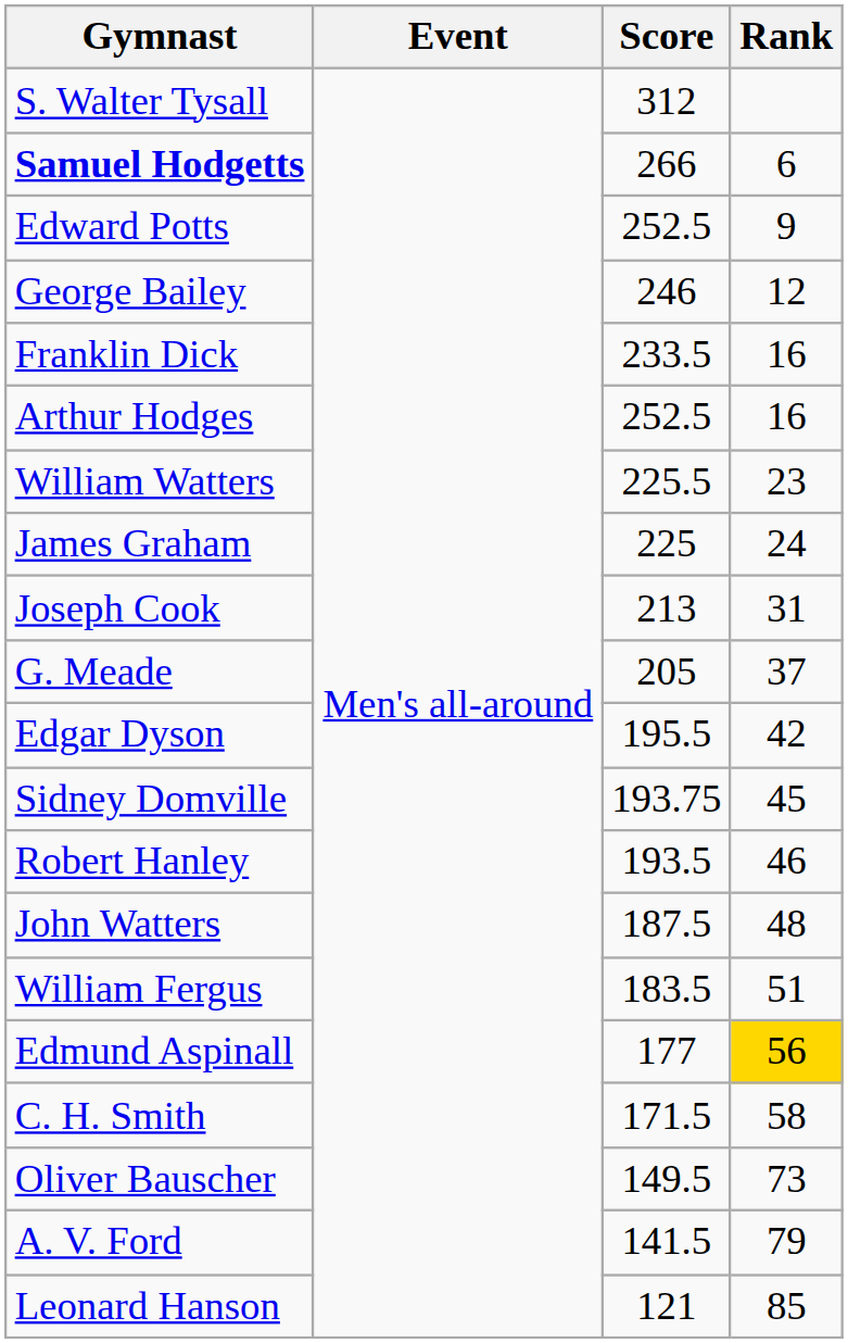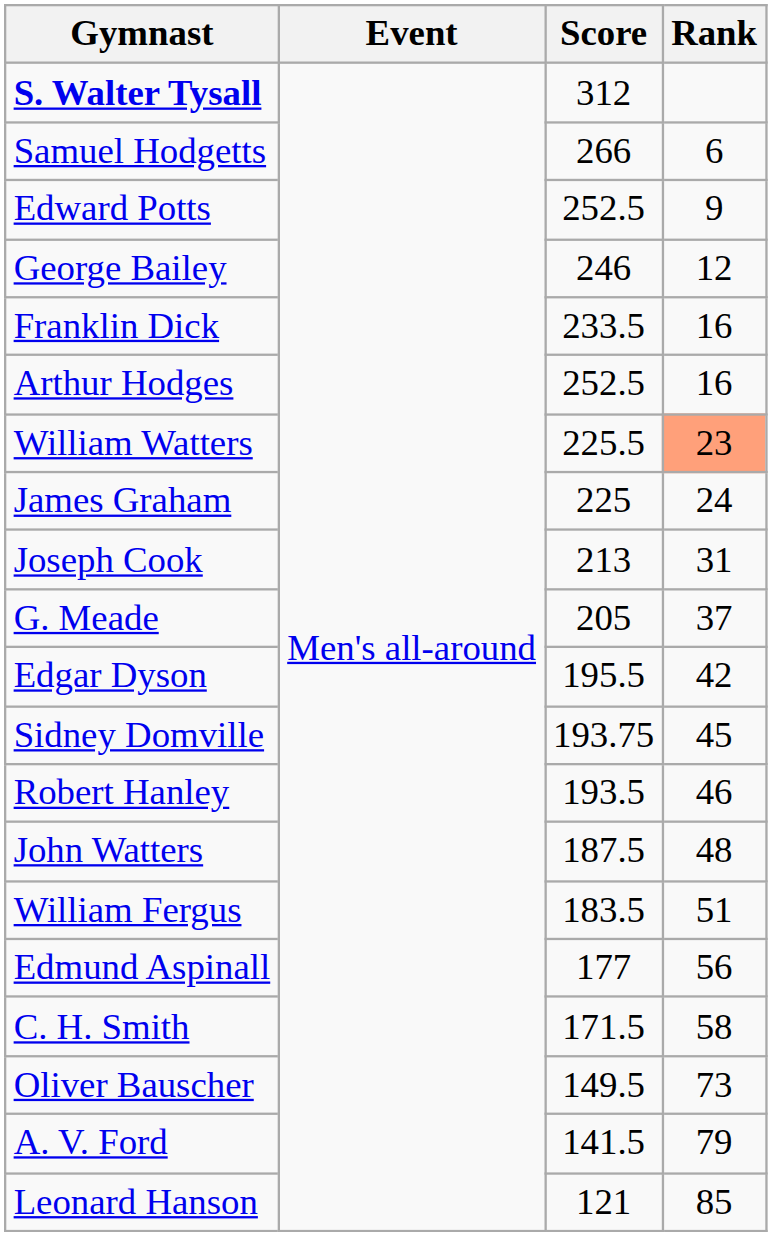 <table class=wikitable>
 <tr>
 <th>Gymnast</th>
 <th>Event</th>
 <th>Score</th>
 <th>Rank</th>
 </tr>
 <tr align=center>
-<td align=left><a href='#'>S. Walter Tysall</a></td>
+<td align=left><strong><a href='#'>S. Walter Tysall</a></strong></td>
 <td rowspan=20 align=left><a href='#'>Men's all-around</a></td>
 <td>312</td>
 <td></td>
 </tr>
 <tr align=center>
-<td align=left><strong><a href='#'>Samuel Hodgetts</a></strong></td>
+<td align=left><a href='#'>Samuel Hodgetts</a></td>
 <td>266</td>
 <td>6</td>
 </tr>
 <tr align=center>
 <td align=left><a href='#'>Edward Potts</a></td>
 <td>252.5</td>
 <td>9</td>
 </tr>
 <tr align=center>
 <td align=left><a href='#'>George Bailey</a></td>
 <td>246</td>
 <td>12</td>
 </tr>
 <tr align=center>
 <td align=left><a href='#'>Franklin Dick</a></td>
 <td>233.5</td>
 <td>16</td>
 </tr>
 <tr align=center>
 <td align=left><a href='#'>Arthur Hodges</a></td>
 <td>252.5</td>
 <td>16</td>
 </tr>
 <tr align=center>
 <td align=left><a href='#'>William Watters</a></td>
 <td>225.5</td>
-<td>23</td>
+<td style="background: lightsalmon;">23</td>
 </tr>
 <tr align=center>
 <td align=left><a href='#'>James Graham</a></td>
 <td>225</td>
 <td>24</td>
 </tr>
 <tr align=center>
 <td align=left><a href='#'>Joseph Cook</a></td>
 <td>213</td>
 <td>31</td>
 </tr>
 <tr align=center>
 <td align=left><a href='#'>G. Meade</a></td>
 <td>205</td>
 <td>37</td>
 </tr>
 <tr align=center>
 <td align=left><a href='#'>Edgar Dyson</a></td>
 <td>195.5</td>
 <td>42</td>
 </tr>
 <tr align=center>
 <td align=left><a href='#'>Sidney Domville</a></td>
 <td>193.75</td>
 <td>45</td>
 </tr>
 <tr align=center>
 <td align=left><a href='#'>Robert Hanley</a></td>
 <td>193.5</td>
 <td>46</td>
 </tr>
 <tr align=center>
 <td align=left><a href='#'>John Watters</a></td>
 <td>187.5</td>
 <td>48</td>
 </tr>
 <tr align=center>
 <td align=left><a href='#'>William Fergus</a></td>
 <td>183.5</td>
 <td>51</td>
 </tr>
 <tr align=center>
 <td align=left><a href='#'>Edmund Aspinall</a></td>
 <td>177</td>
-<td style="background: gold;">56</td>
+<td>56</td>
 </tr>
 <tr align=center>
 <td align=left><a href='#'>C. H. Smith</a></td>
 <td>171.5</td>
 <td>58</td>
 </tr>
 <tr align=center>
 <td align=left><a href='#'>Oliver Bauscher</a></td>
 <td>149.5</td>
 <td>73</td>
 </tr>
 <tr align=center>
 <td align=left><a href='#'>A. V. Ford</a></td>
 <td>141.5</td>
 <td>79</td>
 </tr>
 <tr align=center>
 <td align=left><a href='#'>Leonard Hanson</a></td>
 <td>121</td>
 <td>85</td>
 </tr>
 </table>
